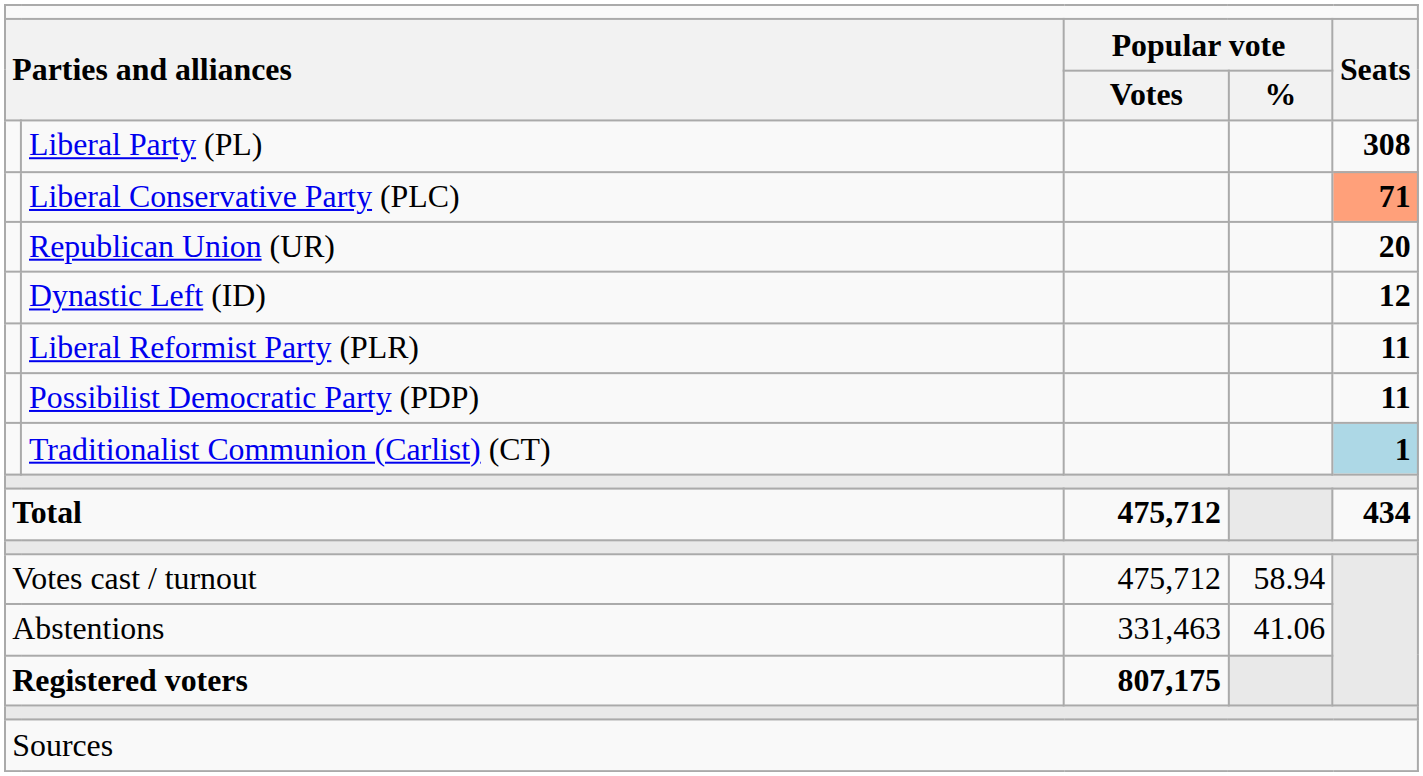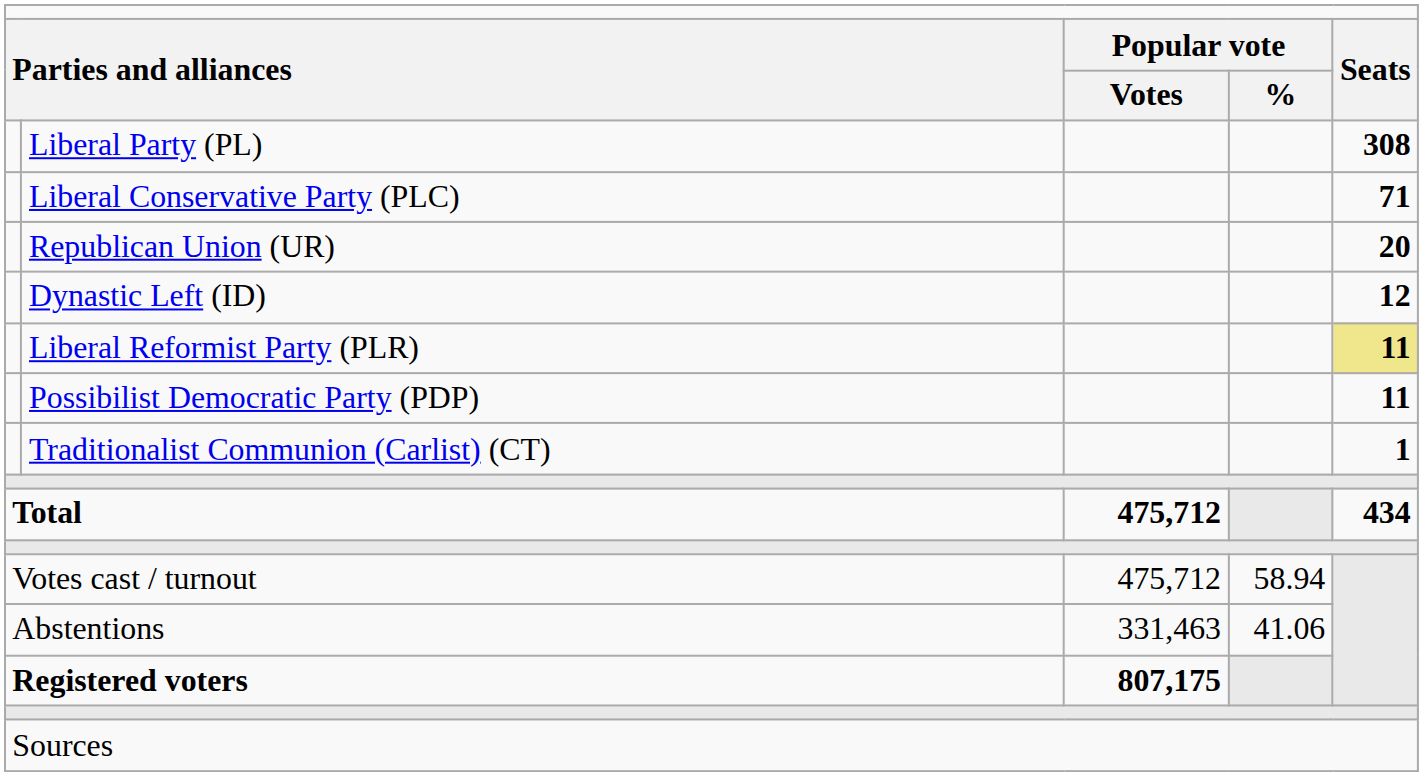 <table class="wikitable" style="text-align:right;">
 <tr>
 <td colspan="5"></td>
 </tr>
 <tr>
 <th style="text-align:left;" rowspan="2" colspan="2" width="525">Parties and alliances</th>
 <th colspan="2">Popular vote</th>
 <th rowspan="2" width="35">Seats</th>
 </tr>
 <tr>
 <th width="75">Votes</th>
 <th width="45">%</th>
 </tr>
 <tr>
 <td width="1" style="color:inherit;background:"></td>
 <td align="left"><a href='#'>Liberal Party</a> (PL)</td>
 <td></td>
 <td></td>
 <td><strong>308</strong></td>
 </tr>
 <tr>
 <td style="color:inherit;background:"></td>
 <td align="left"><a href='#'>Liberal Conservative Party</a> (PLC)</td>
 <td></td>
 <td></td>
-<td style="background: lightsalmon;"><strong>71</strong></td>
+<td><strong>71</strong></td>
 </tr>
 <tr>
 <td style="color:inherit;background:"></td>
 <td align="left"><a href='#'>Republican Union</a> (UR)</td>
 <td></td>
 <td></td>
 <td><strong>20</strong></td>
 </tr>
 <tr>
 <td style="color:inherit;background:"></td>
 <td align="left"><a href='#'>Dynastic Left</a> (ID)</td>
 <td></td>
 <td></td>
 <td><strong>12</strong></td>
 </tr>
 <tr>
 <td style="color:inherit;background:"></td>
 <td align="left"><a href='#'>Liberal Reformist Party</a> (PLR)</td>
 <td></td>
 <td></td>
-<td><strong>11</strong></td>
+<td style="background: khaki;"><strong>11</strong></td>
 </tr>
 <tr>
 <td style="color:inherit;background:"></td>
 <td align="left"><a href='#'>Possibilist Democratic Party</a> (PDP)</td>
 <td></td>
 <td></td>
 <td><strong>11</strong></td>
 </tr>
 <tr>
 <td style="color:inherit;background:"></td>
 <td align="left"><a href='#'>Traditionalist Communion (Carlist)</a> (CT)</td>
 <td></td>
 <td></td>
-<td style="background: lightblue;"><strong>1</strong></td>
+<td><strong>1</strong></td>
 </tr>
 <tr>
 <td colspan="5" bgcolor="#E9E9E9"></td>
 </tr>
 <tr style="font-weight:bold;">
 <td align="left" colspan="2">Total</td>
 <td>475,712</td>
 <td bgcolor="#E9E9E9"></td>
 <td>434</td>
 </tr>
 <tr>
 <td colspan="5" bgcolor="#E9E9E9"></td>
 </tr>
 <tr>
 <td align="left" colspan="2">Votes cast / turnout</td>
 <td>475,712</td>
 <td>58.94</td>
 <td bgcolor="#E9E9E9" rowspan="3"></td>
 </tr>
 <tr>
 <td align="left" colspan="2">Abstentions</td>
 <td>331,463</td>
 <td>41.06</td>
 </tr>
 <tr style="font-weight:bold;">
 <td align="left" colspan="2">Registered voters</td>
 <td>807,175</td>
 <td bgcolor="#E9E9E9"></td>
 </tr>
 <tr>
 <td colspan="5" bgcolor="#E9E9E9"></td>
 </tr>
 <tr>
 <td align="left" colspan="5">Sources</td>
 </tr>
 </table>
